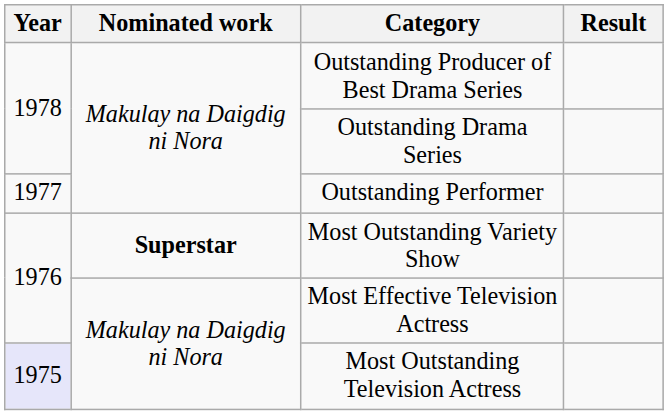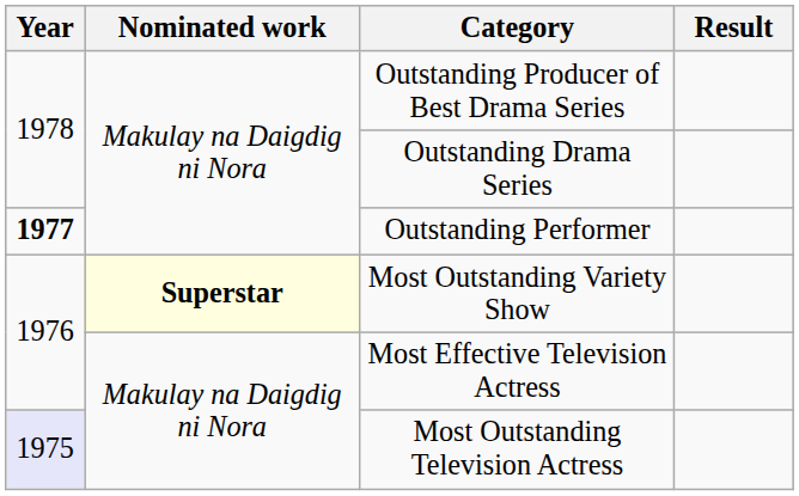 <table width="70%" class="wikitable sortable">
 <tr>
 <th width="10%">Year</th>
 <th width="35%">Nominated work</th>
 <th width="40%">Category</th>
 <th width="15%">Result</th>
 </tr>
 <tr>
 <td align="center" rowspan=2>1978</td>
 <td align="center" rowspan=3><em>Makulay na Daigdig ni Nora</em></td>
 <td align="center">Outstanding Producer of Best Drama Series</td>
 <td></td>
 </tr>
 <tr>
 <td align="center">Outstanding Drama Series</td>
 <td></td>
 </tr>
 <tr>
-<td align="center">1977</td>
+<td align="center"><strong>1977</strong></td>
 <td align="center">Outstanding Performer</td>
 <td></td>
 </tr>
 <tr>
 <td align="center" rowspan=2>1976</td>
-<td align="center"><strong>Superstar</strong></td>
+<td align="center" style="background: lightyellow;"><strong>Superstar</strong></td>
 <td align="center">Most Outstanding Variety Show</td>
 <td></td>
 </tr>
 <tr>
 <td align="center" rowspan=2><em>Makulay na Daigdig ni Nora</em></td>
 <td align="center">Most Effective Television Actress</td>
 <td></td>
 </tr>
 <tr>
 <td align="center" style="background: lavender;">1975</td>
 <td align="center">Most Outstanding Television Actress</td>
 <td></td>
 </tr>
 </table>
